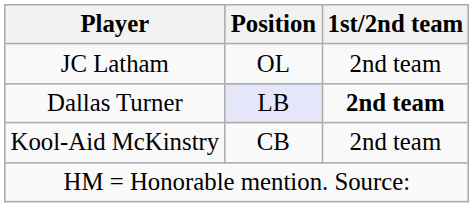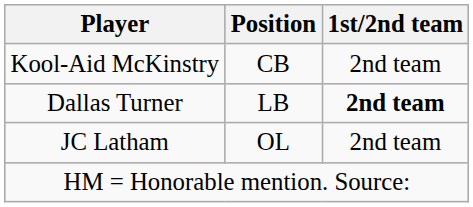 <table class="wikitable" style="text-align: center">
 <tr>
 <th>Player</th>
 <th>Position</th>
 <th>1st/2nd team</th>
 </tr>
 <tr>
-<td>JC Latham</td>
-<td>OL</td>
+<td>Kool-Aid McKinstry</td>
+<td>CB</td>
 <td>2nd team</td>
 </tr>
 <tr>
 <td>Dallas Turner</td>
-<td style="background: lavender;">LB</td>
+<td>LB</td>
 <td><strong>2nd team</strong></td>
 </tr>
 <tr>
-<td>Kool-Aid McKinstry</td>
-<td>CB</td>
+<td>JC Latham</td>
+<td>OL</td>
 <td>2nd team</td>
 </tr>
 <tr>
 <td colspan="3">HM = Honorable mention. Source:</td>
 </tr>
 </table>
